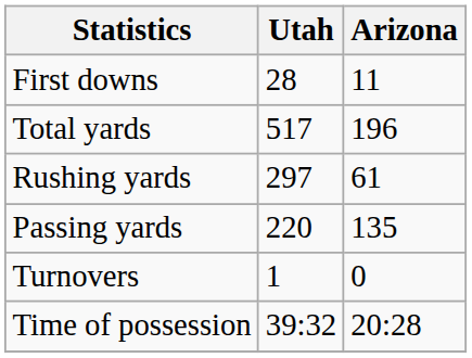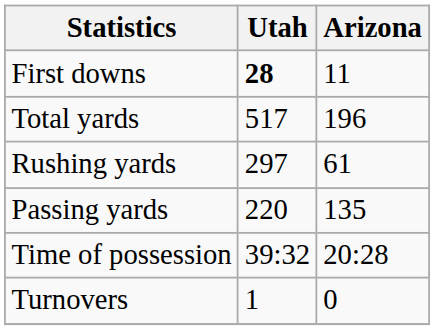 <table class="wikitable" style="float: left;">
 <tr>
 <th>Statistics</th>
 <th>Utah</th>
 <th>Arizona</th>
 </tr>
 <tr>
 <td>First downs</td>
-<td>28</td>
+<td><strong>28</strong></td>
 <td>11</td>
 </tr>
 <tr>
 <td>Total yards</td>
 <td>517</td>
 <td>196</td>
 </tr>
 <tr>
 <td>Rushing yards</td>
 <td>297</td>
 <td>61</td>
 </tr>
 <tr>
 <td>Passing yards</td>
 <td>220</td>
 <td>135</td>
 </tr>
 <tr>
+<td>Time of possession</td>
+<td>39:32</td>
+<td>20:28</td>
+</tr>
+<tr>
 <td>Turnovers</td>
 <td>1</td>
 <td>0</td>
 </tr>
 <tr>
-<td>Time of possession</td>
-<td>39:32</td>
-<td>20:28</td>
-</tr>
-<tr>
 </tr>
 </table>
